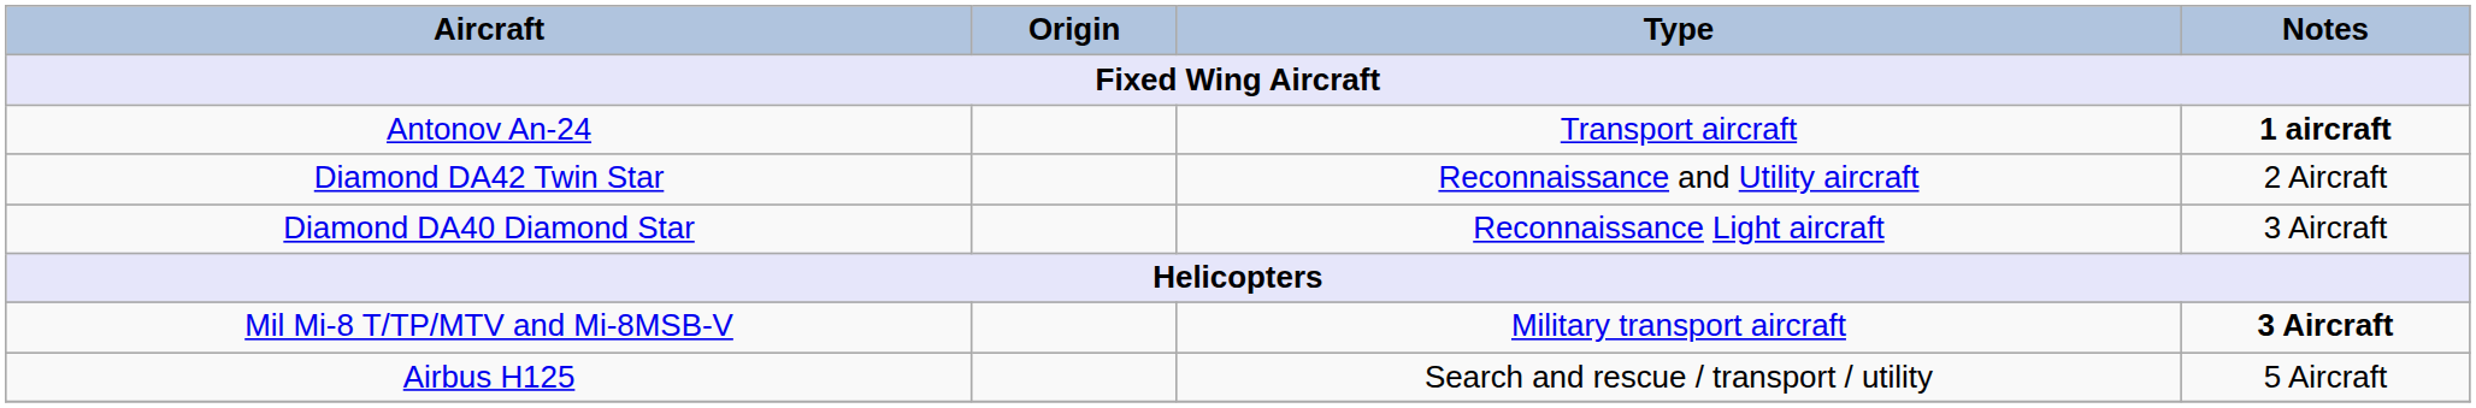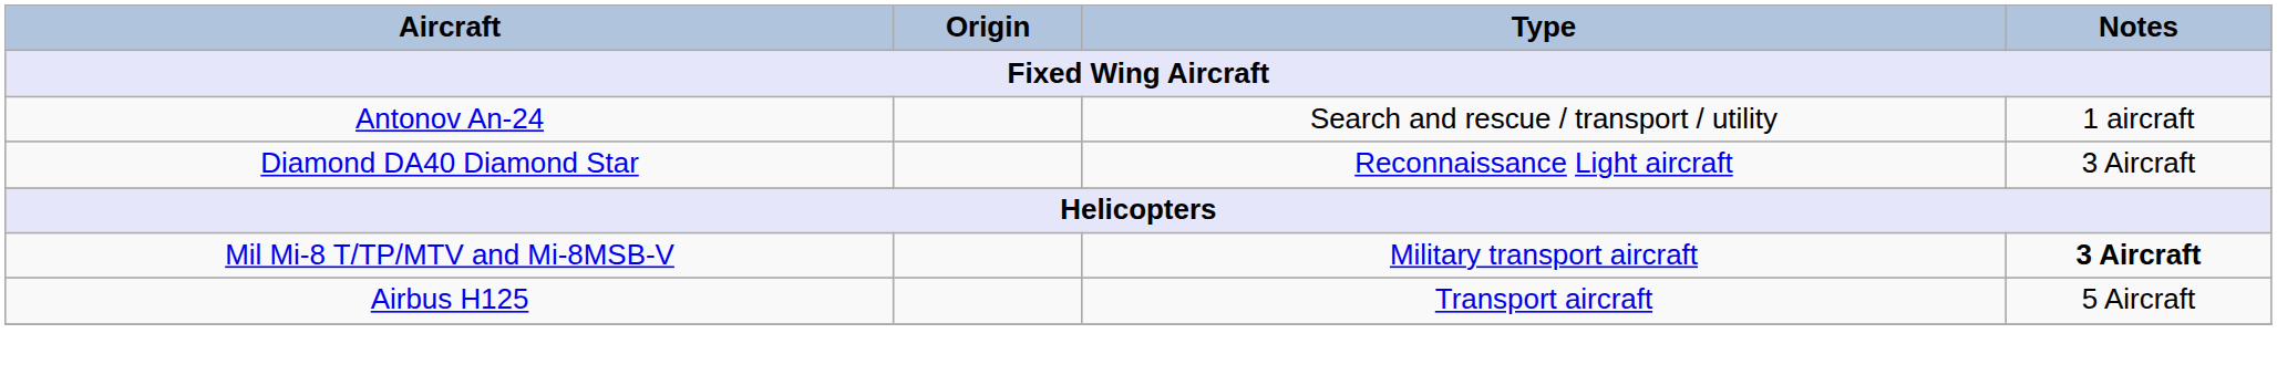 <table class="wikitable" style="width:100%; text-align:center">
 <tr>
 <th style="text-align: center; background: lightsteelblue;">Aircraft</th>
 <th style="text-align: center; background: lightsteelblue;">Origin</th>
 <th style="text-align: center; background: lightsteelblue;">Type</th>
 <th style="text-align: center; background: lightsteelblue;">Notes</th>
 </tr>
 <tr>
 <th style="align: center; background: lavender;" colspan="4">Fixed Wing Aircraft</th>
 </tr>
 <tr>
 <td><a href='#'>Antonov An-24</a></td>
 <td></td>
-<td><a href='#'>Transport aircraft</a></td>
-<td><strong>1 aircraft</strong></td>
-</tr>
-<tr>
-<td><a href='#'>Diamond DA42 Twin Star</a></td>
-<td></td>
-<td><a href='#'>Reconnaissance</a> and <a href='#'>Utility aircraft</a></td>
-<td>2 Aircraft</td>
+<td>Search and rescue / transport / utility</td>
+<td>1 aircraft</td>
 </tr>
 <tr>
 <td><a href='#'>Diamond DA40 Diamond Star</a></td>
 <td></td>
 <td><a href='#'>Reconnaissance</a> <a href='#'>Light aircraft</a></td>
 <td>3 Aircraft</td>
 </tr>
 <tr>
 <th style="align: center; background: lavender;" colspan="4">Helicopters</th>
 </tr>
 <tr>
 <td><a href='#'>Mil Mi-8 T/TP/MTV and Mi-8MSB-V</a></td>
 <td></td>
 <td><a href='#'>Military transport aircraft</a></td>
 <td><strong>3 Aircraft</strong></td>
 </tr>
 <tr>
 <td><a href='#'>Airbus H125</a></td>
 <td></td>
-<td>Search and rescue / transport / utility</td>
+<td><a href='#'>Transport aircraft</a></td>
 <td>5 Aircraft</td>
 </tr>
 <tr>
 </tr>
 </table>
